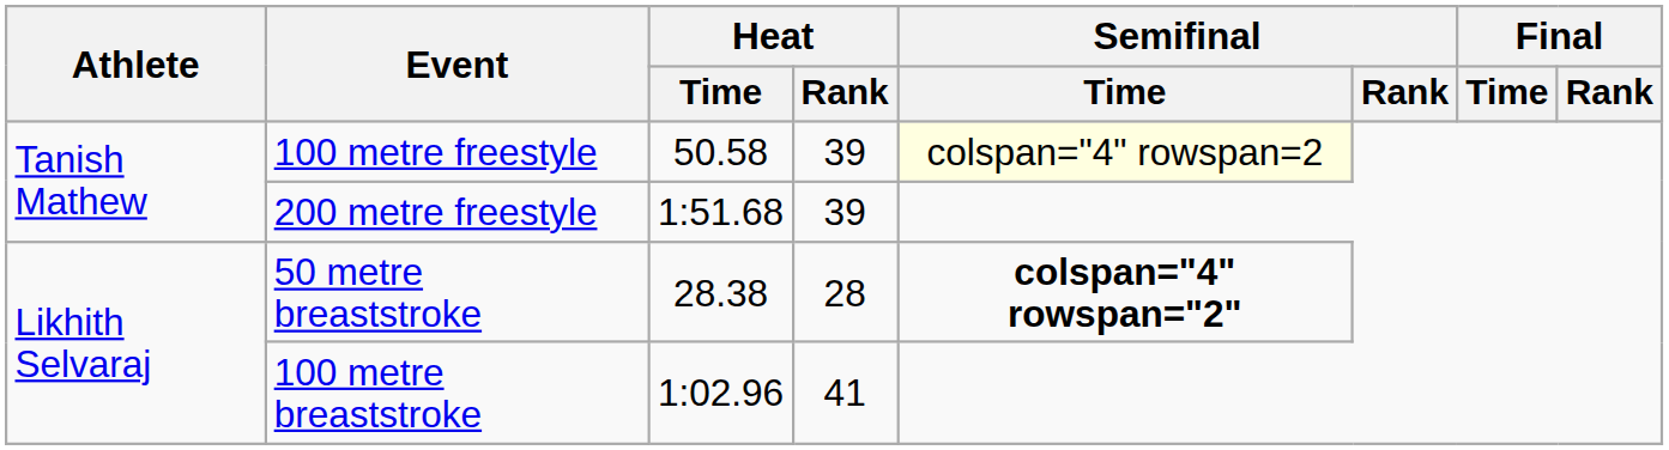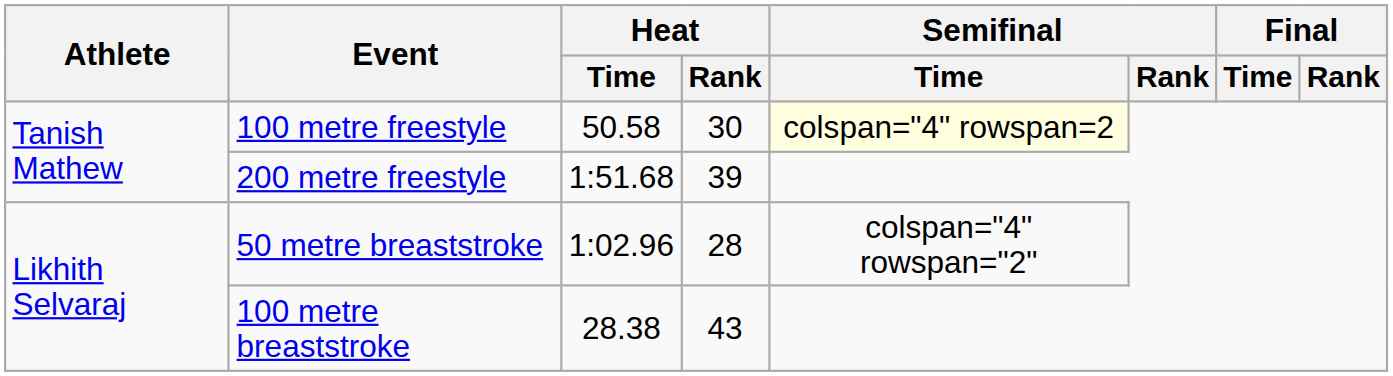 <table class="wikitable" style="text-align:center; font-size:90%; width:50%;">
 <tr>
 <th rowspan="2">Athlete</th>
 <th rowspan="2">Event</th>
 <th colspan="2">Heat</th>
 <th colspan="2">Semifinal</th>
 <th colspan="2">Final</th>
 </tr>
 <tr style="font-size:95%">
 <th>Time</th>
 <th>Rank</th>
 <th>Time</th>
 <th>Rank</th>
 <th>Time</th>
 <th>Rank</th>
 </tr>
 <tr align=center>
 <td align=left rowspan=2><a href='#'>Tanish Mathew</a></td>
 <td align=left><a href='#'>100 metre freestyle</a></td>
 <td>50.58</td>
-<td>39</td>
+<td>30</td>
 <td style="background: lightyellow;">colspan="4" rowspan=2 </td>
 </tr>
 <tr align=center>
 <td align=left><a href='#'>200 metre freestyle</a></td>
 <td>1:51.68</td>
 <td>39</td>
 </tr>
 <tr align=center>
 <td align=left rowspan="2"><a href='#'>Likhith Selvaraj</a></td>
 <td align=left><a href='#'>50 metre breaststroke</a></td>
-<td>28.38</td>
+<td>1:02.96</td>
 <td>28</td>
-<td><strong>colspan="4" rowspan="2" </strong></td>
+<td>colspan="4" rowspan="2" </td>
 </tr>
 <tr align=center>
 <td align=left><a href='#'>100 metre breaststroke</a></td>
-<td>1:02.96</td>
-<td>41</td>
+<td>28.38</td>
+<td>43</td>
 </tr>
 </table>
